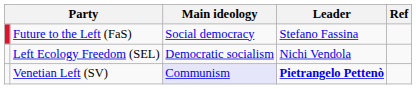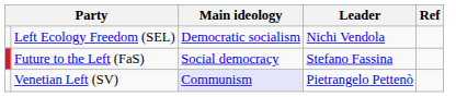 <table class="wikitable">
 <tr>
 <th colspan=2>Party</th>
 <th>Main ideology</th>
 <th>Leader</th>
 <th>Ref</th>
+</tr>
+<tr>
+<td></td>
+<td><a href='#'>Left Ecology Freedom</a> (SEL)</td>
+<td><a href='#'>Democratic socialism</a></td>
+<td><a href='#'>Nichi Vendola</a></td>
+<td></td>
 </tr>
 <tr>
 <td bgcolor="#DC142F"></td>
 <td><a href='#'>Future to the Left</a> (FaS)</td>
 <td><a href='#'>Social democracy</a></td>
 <td><a href='#'>Stefano Fassina</a></td>
 <td></td>
 </tr>
 <tr>
 <td></td>
-<td><a href='#'>Left Ecology Freedom</a> (SEL)</td>
-<td><a href='#'>Democratic socialism</a></td>
-<td><a href='#'>Nichi Vendola</a></td>
-<td></td>
-</tr>
-<tr>
-<td></td>
 <td><a href='#'>Venetian Left</a> (SV)</td>
 <td style="background: lavender;"><a href='#'>Communism</a></td>
-<td><strong><a href='#'>Pietrangelo Pettenò</a></strong></td>
+<td><a href='#'>Pietrangelo Pettenò</a></td>
 <td></td>
 </tr>
 </table>
